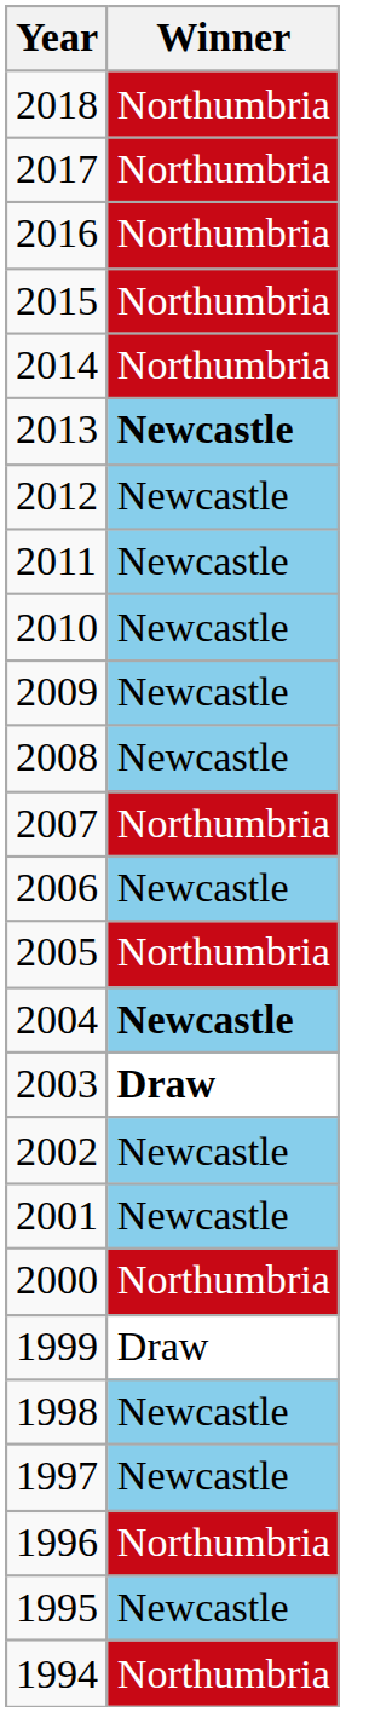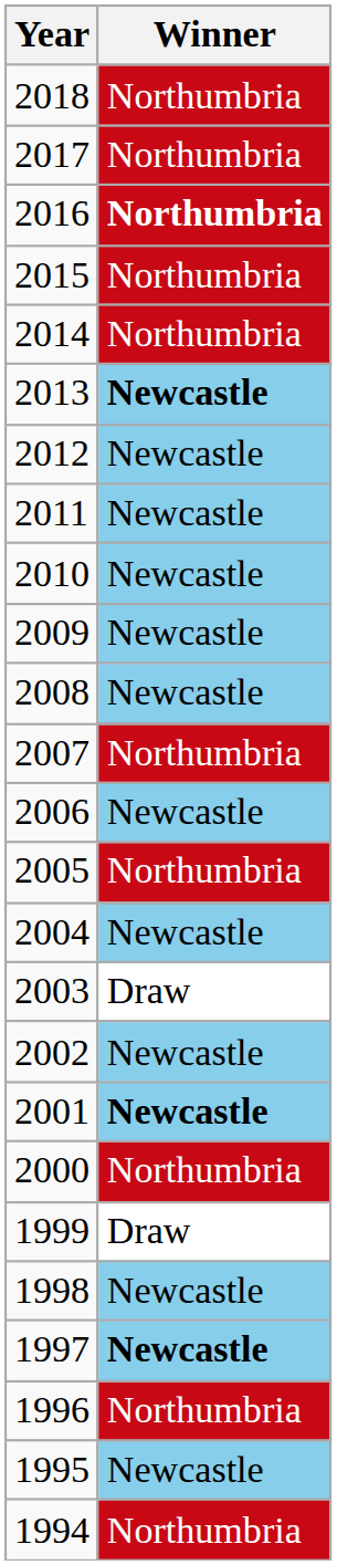 <table class="wikitable">
 <tr>
 <th>Year</th>
 <th>Winner</th>
 </tr>
 <tr>
 <td>2018</td>
 <td style="background:#C80815; color:white;">Northumbria</td>
 </tr>
 <tr>
 <td>2017</td>
 <td style="background:#C80815; color:white;">Northumbria</td>
 </tr>
 <tr>
 <td>2016</td>
-<td style="background:#C80815; color:white;">Northumbria</td>
+<td style="background:#C80815; color:white;"><strong>Northumbria</strong></td>
 </tr>
 <tr>
 <td>2015</td>
 <td style="background:#C80815; color:white;">Northumbria</td>
 </tr>
 <tr>
 <td>2014</td>
 <td style="background:#C80815; color:white;">Northumbria</td>
 </tr>
 <tr>
 <td>2013</td>
 <td style="background:skyblue; color:#000;"><strong>Newcastle</strong></td>
 </tr>
 <tr>
 <td>2012</td>
 <td style="background:skyblue; color:#000;">Newcastle</td>
 </tr>
 <tr>
 <td>2011</td>
 <td style="background:skyblue; color:#000;">Newcastle</td>
 </tr>
 <tr>
 <td>2010</td>
 <td style="background:skyblue; color:#000;">Newcastle</td>
 </tr>
 <tr>
 <td>2009</td>
 <td style="background:skyblue; color:#000;">Newcastle</td>
 </tr>
 <tr>
 <td>2008</td>
 <td style="background:skyblue; color:#000;">Newcastle</td>
 </tr>
 <tr>
 <td>2007</td>
 <td style="background:#C80815; color:white;">Northumbria</td>
 </tr>
 <tr>
 <td>2006</td>
 <td style="background:skyblue; color:#000;">Newcastle</td>
 </tr>
 <tr>
 <td>2005</td>
 <td style="background:#C80815; color:white;">Northumbria</td>
 </tr>
 <tr>
 <td>2004</td>
-<td style="background:skyblue; color:#000;"><strong>Newcastle</strong></td>
+<td style="background:skyblue; color:#000;">Newcastle</td>
 </tr>
 <tr>
 <td>2003</td>
-<td style="background:white; color:#000;"><strong>Draw</strong></td>
+<td style="background:white; color:#000;">Draw</td>
 </tr>
 <tr>
 <td>2002</td>
 <td style="background:skyblue; color:#000;">Newcastle</td>
 </tr>
 <tr>
 <td>2001</td>
-<td style="background:skyblue; color:#000;">Newcastle</td>
+<td style="background:skyblue; color:#000;"><strong>Newcastle</strong></td>
 </tr>
 <tr>
 <td>2000</td>
 <td style="background:#C80815; color:white;">Northumbria</td>
 </tr>
 <tr>
 <td>1999</td>
 <td style="background:white; color:#000;">Draw</td>
 </tr>
 <tr>
 <td>1998</td>
 <td style="background:skyblue; color:#000;">Newcastle</td>
 </tr>
 <tr>
 <td>1997</td>
-<td style="background:skyblue; color:#000;">Newcastle</td>
+<td style="background:skyblue; color:#000;"><strong>Newcastle</strong></td>
 </tr>
 <tr>
 <td>1996</td>
 <td style="background:#C80815; color:white;">Northumbria</td>
 </tr>
 <tr>
 <td>1995</td>
 <td style="background:skyblue; color:#000;">Newcastle</td>
 </tr>
 <tr>
 <td>1994</td>
 <td style="background:#C80815; color:white;">Northumbria</td>
 </tr>
 </table>
